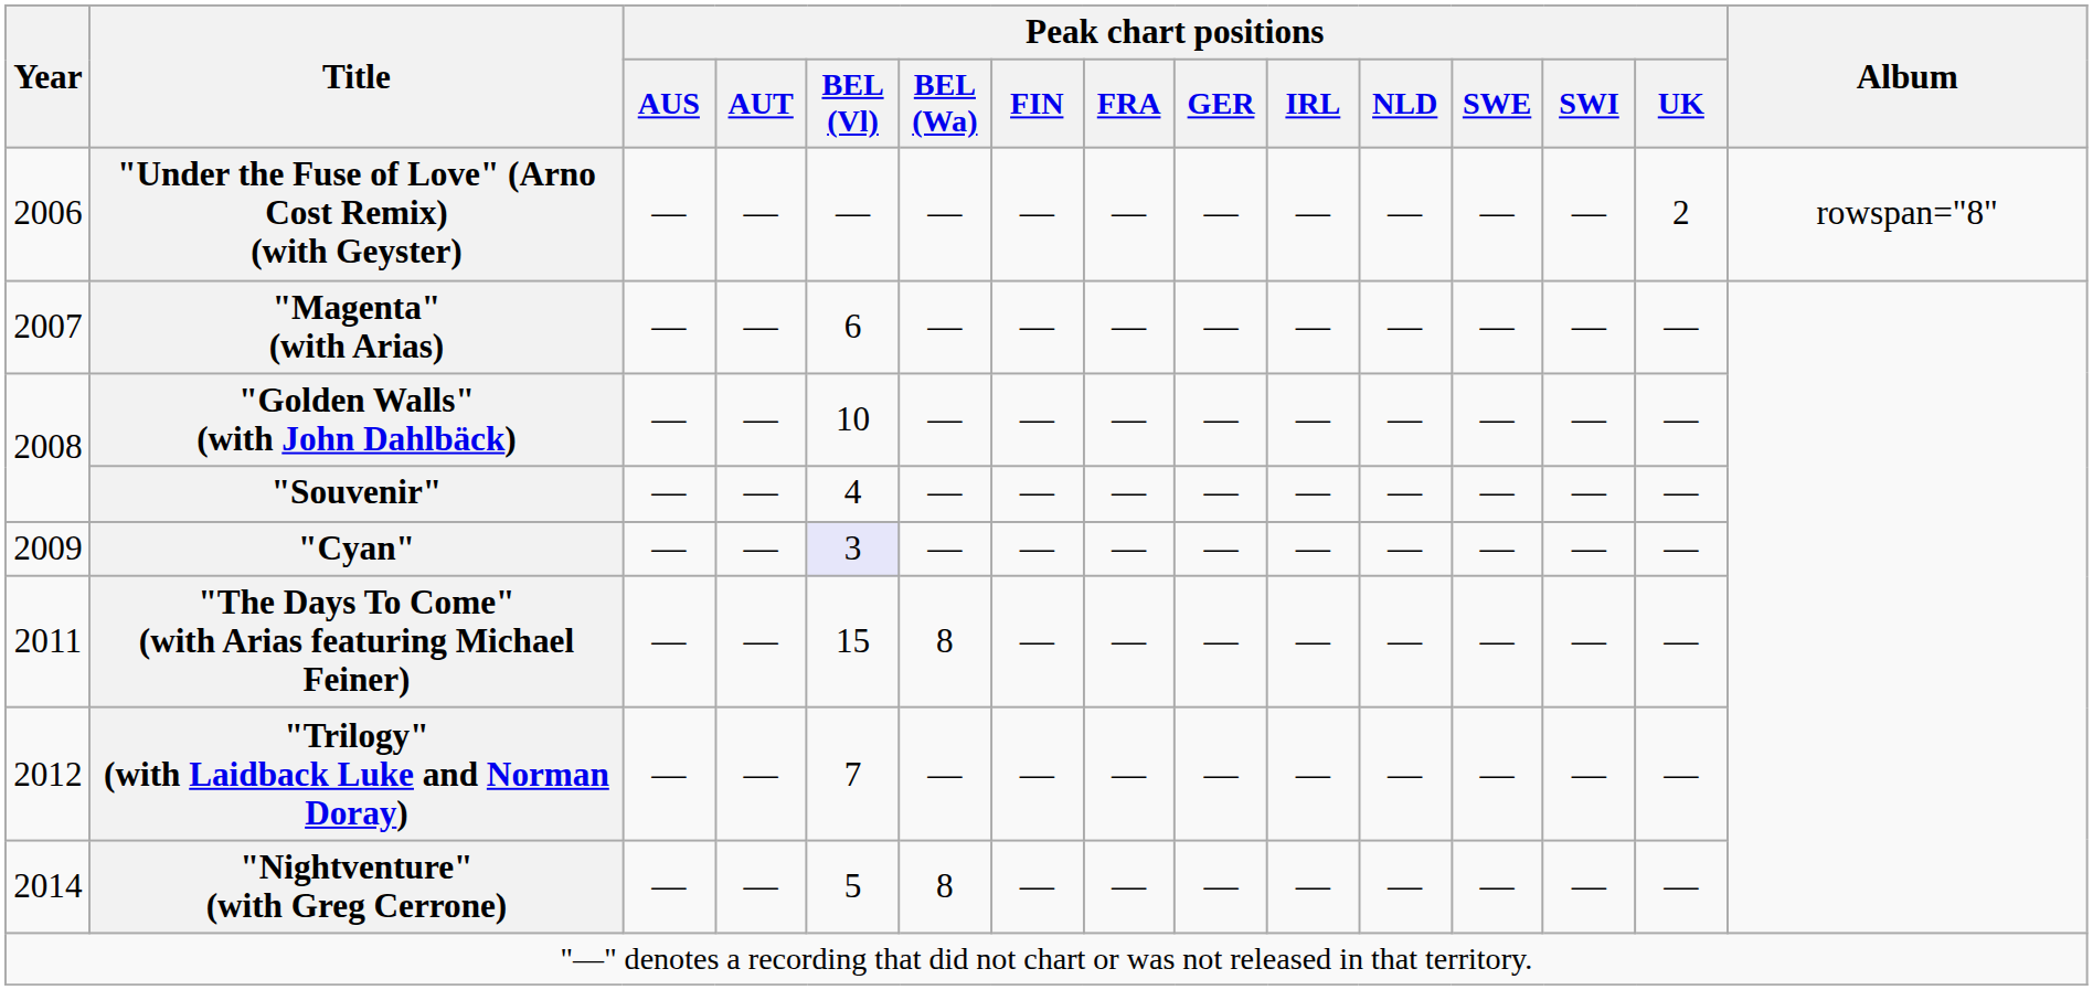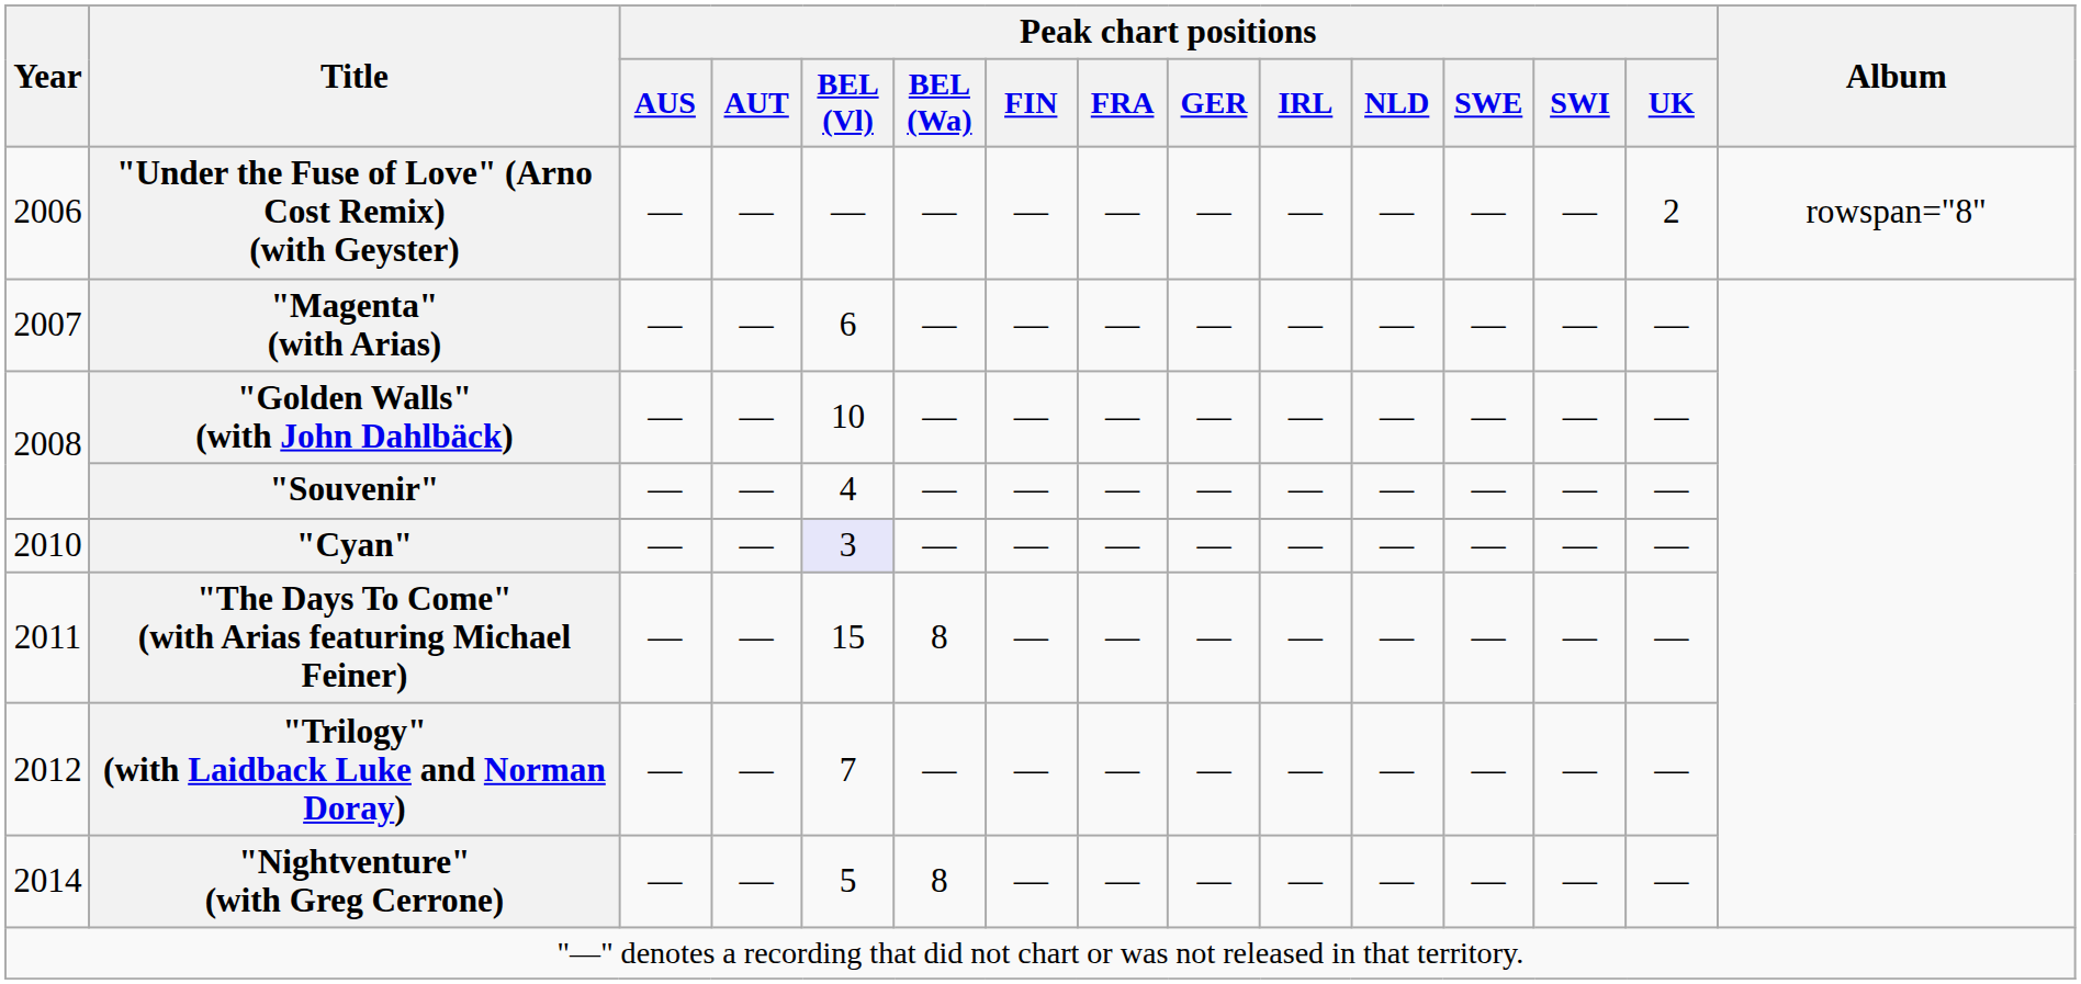 <table class="wikitable plainrowheaders" style="text-align:center;">
 <tr>
 <th scope="col" rowspan="2" style="width:1em;">Year</th>
 <th scope="col" rowspan="2" style="width:15em;">Title</th>
 <th scope="col" colspan="12">Peak chart positions</th>
 <th scope="col" rowspan="2" style="width:10em;">Album</th>
 </tr>
 <tr>
 <th scope="col" style="width:2.5em;font-size:90%;"><a href='#'>AUS</a><br></th>
 <th scope="col" style="width:2.5em;font-size:90%;"><a href='#'>AUT</a><br></th>
 <th scope="col" style="width:2.5em;font-size:90%;"><a href='#'>BEL (Vl)</a><br></th>
 <th scope="col" style="width:2.5em;font-size:90%;"><a href='#'>BEL (Wa)</a><br></th>
 <th scope="col" style="width:2.5em;font-size:90%;"><a href='#'>FIN</a><br></th>
 <th scope="col" style="width:2.5em;font-size:90%;"><a href='#'>FRA</a><br></th>
 <th scope="col" style="width:2.5em;font-size:90%;"><a href='#'>GER</a><br></th>
 <th scope="col" style="width:2.5em;font-size:90%;"><a href='#'>IRL</a><br></th>
 <th scope="col" style="width:2.5em;font-size:90%;"><a href='#'>NLD</a><br></th>
 <th scope="col" style="width:2.5em;font-size:90%;"><a href='#'>SWE</a><br></th>
 <th scope="col" style="width:2.5em;font-size:90%;"><a href='#'>SWI</a><br></th>
 <th scope="col" style="width:2.5em;font-size:90%;"><a href='#'>UK</a><br></th>
 </tr>
 <tr>
 <td>2006</td>
 <th scope="row">"Under the Fuse of Love" (Arno Cost Remix)<br><span>(with Geyster)</span></th>
 <td>—</td>
 <td>—</td>
 <td>—</td>
 <td>—</td>
 <td>—</td>
 <td>—</td>
 <td>—</td>
 <td>—</td>
 <td>—</td>
 <td>—</td>
 <td>—</td>
 <td>2</td>
 <td>rowspan="8" </td>
 </tr>
 <tr>
 <td>2007</td>
 <th scope="row">"Magenta" <br><span>(with Arias)</span></th>
 <td>—</td>
 <td>—</td>
 <td>6</td>
 <td>—</td>
 <td>—</td>
 <td>—</td>
 <td>—</td>
 <td>—</td>
 <td>—</td>
 <td>—</td>
 <td>—</td>
 <td>—</td>
 </tr>
 <tr>
 <td rowspan="2">2008</td>
 <th scope="row">"Golden Walls" <br><span>(with <a href='#'>John Dahlbäck</a>)</span></th>
 <td>—</td>
 <td>—</td>
 <td>10</td>
 <td>—</td>
 <td>—</td>
 <td>—</td>
 <td>—</td>
 <td>—</td>
 <td>—</td>
 <td>—</td>
 <td>—</td>
 <td>—</td>
 </tr>
 <tr>
 <th scope="row">"Souvenir"</th>
 <td>—</td>
 <td>—</td>
 <td>4</td>
 <td>—</td>
 <td>—</td>
 <td>—</td>
 <td>—</td>
 <td>—</td>
 <td>—</td>
 <td>—</td>
 <td>—</td>
 <td>—</td>
 </tr>
 <tr>
-<td>2009</td>
+<td>2010</td>
 <th scope="row">"Cyan"</th>
 <td>—</td>
 <td>—</td>
 <td style="background: lavender;">3</td>
 <td>—</td>
 <td>—</td>
 <td>—</td>
 <td>—</td>
 <td>—</td>
 <td>—</td>
 <td>—</td>
 <td>—</td>
 <td>—</td>
 </tr>
 <tr>
 <td>2011</td>
 <th scope="row">"The Days To Come" <br><span>(with Arias featuring Michael Feiner)</span></th>
 <td>—</td>
 <td>—</td>
 <td>15</td>
 <td>8</td>
 <td>—</td>
 <td>—</td>
 <td>—</td>
 <td>—</td>
 <td>—</td>
 <td>—</td>
 <td>—</td>
 <td>—</td>
 </tr>
 <tr>
 <td>2012</td>
 <th scope="row">"Trilogy" <br><span>(with <a href='#'>Laidback Luke</a> and <a href='#'>Norman Doray</a>)</span></th>
 <td>—</td>
 <td>—</td>
 <td>7</td>
 <td>—</td>
 <td>—</td>
 <td>—</td>
 <td>—</td>
 <td>—</td>
 <td>—</td>
 <td>—</td>
 <td>—</td>
 <td>—</td>
 </tr>
 <tr>
 <td>2014</td>
 <th scope="row">"Nightventure" <br><span>(with Greg Cerrone)</span></th>
 <td>—</td>
 <td>—</td>
 <td>5</td>
 <td>8</td>
 <td>—</td>
 <td>—</td>
 <td>—</td>
 <td>—</td>
 <td>—</td>
 <td>—</td>
 <td>—</td>
 <td>—</td>
 </tr>
 <tr>
 <td colspan="16" style="font-size:90%">"—" denotes a recording that did not chart or was not released in that territory.</td>
 </tr>
 </table>
